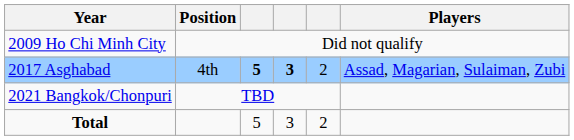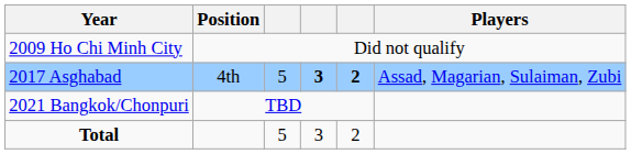 <table class="wikitable" style="text-align: center;">
 <tr>
 <th>Year</th>
 <th>Position</th>
 <th width=25px></th>
 <th width=25px></th>
 <th width=25px></th>
 <th>Players</th>
 </tr>
 <tr>
 <td style="text-align: left;"> <a href='#'>2009 Ho Chi Minh City</a></td>
 <td colspan=5>Did not qualify</td>
 </tr>
 <tr bgcolor=#9acdff>
 <td style="text-align: left;"> <a href='#'>2017 Asghabad</a></td>
 <td>4th</td>
-<td><strong>5</strong></td>
+<td>5</td>
 <td><strong>3</strong></td>
-<td>2</td>
+<td><strong>2</strong></td>
 <td><a href='#'>Assad</a>, <a href='#'>Magarian</a>, <a href='#'>Sulaiman</a>, <a href='#'>Zubi</a></td>
 </tr>
 <tr>
 <td style="text-align: left;"> <a href='#'>2021 Bangkok/Chonpuri</a></td>
 <td colspan=4><a href='#'>TBD</a></td>
 <td></td>
 </tr>
 <tr>
 <td><strong>Total</strong></td>
 <td></td>
 <td>5</td>
 <td>3</td>
 <td>2</td>
 <td></td>
 </tr>
 </table>
